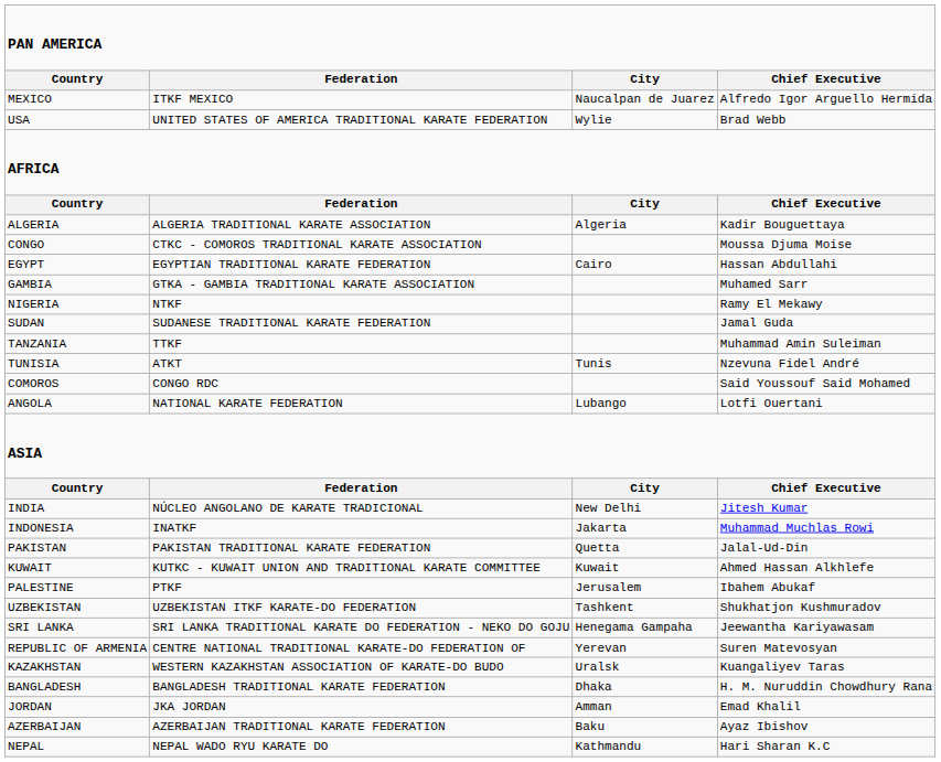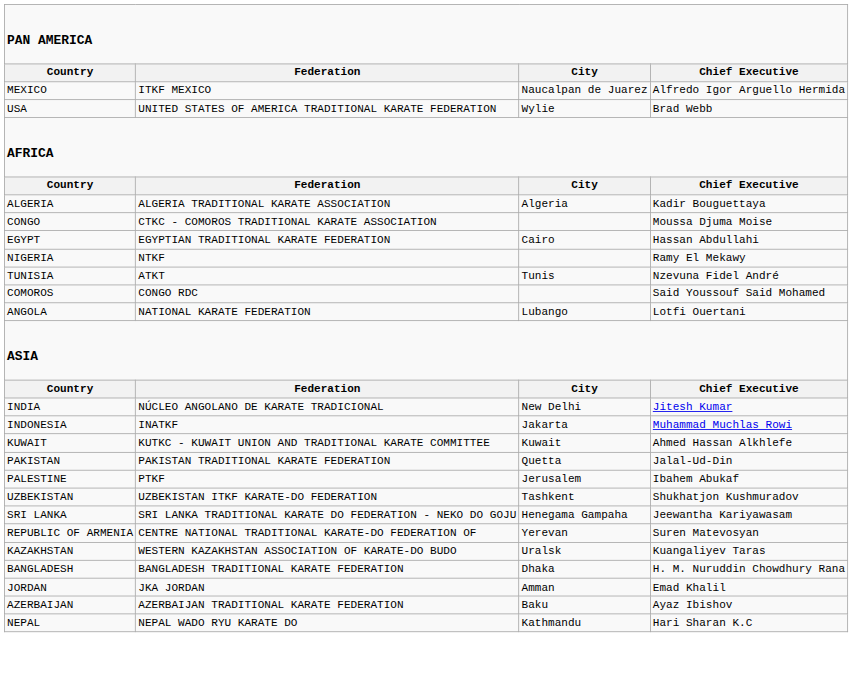 <table class="wikitable">
 <tr>
 <td colspan="4"><br><h3>PAN AMERICA</h3></td>
 </tr>
 <tr>
 <th>Country</th>
 <th>Federation</th>
 <th>City</th>
 <th>Chief Executive</th>
 </tr>
 <tr>
 <td>MEXICO</td>
 <td>ITKF MEXICO</td>
 <td>Naucalpan de Juarez</td>
 <td>Alfredo Igor Arguello Hermida</td>
 </tr>
 <tr>
 <td>USA</td>
 <td>UNITED STATES OF AMERICA TRADITIONAL KARATE FEDERATION</td>
 <td>Wylie</td>
 <td>Brad Webb</td>
 </tr>
 <tr>
 <td colspan="4"><br><h3>AFRICA</h3></td>
 </tr>
 <tr>
 <th>Country</th>
 <th>Federation</th>
 <th>City</th>
 <th>Chief Executive</th>
 </tr>
 <tr>
 <td>ALGERIA</td>
 <td>ALGERIA TRADITIONAL KARATE ASSOCIATION</td>
 <td>Algeria</td>
 <td>Kadir Bouguettaya</td>
 </tr>
 <tr>
 <td>CONGO</td>
 <td>CTKC - COMOROS TRADITIONAL KARATE ASSOCIATION</td>
 <td></td>
 <td>Moussa Djuma Moise</td>
 </tr>
 <tr>
 <td>EGYPT</td>
 <td>EGYPTIAN TRADITIONAL KARATE FEDERATION</td>
 <td>Cairo</td>
 <td>Hassan Abdullahi</td>
 </tr>
 <tr>
-<td>GAMBIA</td>
-<td>GTKA - GAMBIA TRADITIONAL KARATE ASSOCIATION</td>
-<td></td>
-<td>Muhamed Sarr</td>
-</tr>
-<tr>
 <td>NIGERIA</td>
 <td>NTKF</td>
 <td></td>
 <td>Ramy El Mekawy</td>
-</tr>
-<tr>
-<td>SUDAN</td>
-<td>SUDANESE TRADITIONAL KARATE FEDERATION</td>
-<td></td>
-<td>Jamal Guda</td>
-</tr>
-<tr>
-<td>TANZANIA</td>
-<td>TTKF</td>
-<td></td>
-<td>Muhammad Amin Suleiman</td>
 </tr>
 <tr>
 <td>TUNISIA</td>
 <td>ATKT</td>
 <td>Tunis</td>
 <td>Nzevuna Fidel André</td>
 </tr>
 <tr>
 <td>COMOROS</td>
 <td>CONGO RDC</td>
 <td></td>
 <td>Said Youssouf Said Mohamed</td>
 </tr>
 <tr>
 <td>ANGOLA</td>
 <td>NATIONAL KARATE FEDERATION</td>
 <td>Lubango</td>
 <td>Lotfi Ouertani</td>
 </tr>
 <tr>
 <td colspan="4"><br><h3>ASIA</h3></td>
 </tr>
 <tr>
 <th>Country</th>
 <th>Federation</th>
 <th>City</th>
 <th>Chief Executive</th>
 </tr>
 <tr>
 <td>INDIA</td>
 <td>NÚCLEO ANGOLANO DE KARATE TRADICIONAL</td>
 <td>New Delhi</td>
 <td><a href='#'>Jitesh Kumar</a></td>
 </tr>
 <tr>
 <td>INDONESIA</td>
 <td>INATKF</td>
 <td>Jakarta</td>
 <td><a href='#'>Muhammad Muchlas Rowi</a></td>
 </tr>
 <tr>
+<td>KUWAIT</td>
+<td>KUTKC - KUWAIT UNION AND TRADITIONAL KARATE COMMITTEE</td>
+<td>Kuwait</td>
+<td>Ahmed Hassan Alkhlefe</td>
+</tr>
+<tr>
 <td>PAKISTAN</td>
 <td>PAKISTAN TRADITIONAL KARATE FEDERATION</td>
 <td>Quetta</td>
 <td>Jalal-Ud-Din</td>
-</tr>
-<tr>
-<td>KUWAIT</td>
-<td>KUTKC - KUWAIT UNION AND TRADITIONAL KARATE COMMITTEE</td>
-<td>Kuwait</td>
-<td>Ahmed Hassan Alkhlefe</td>
 </tr>
 <tr>
 <td>PALESTINE</td>
 <td>PTKF</td>
 <td>Jerusalem</td>
 <td>Ibahem Abukaf</td>
 </tr>
 <tr>
 <td>UZBEKISTAN</td>
 <td>UZBEKISTAN ITKF KARATE-DO FEDERATION</td>
 <td>Tashkent</td>
 <td>Shukhatjon Kushmuradov</td>
 </tr>
 <tr>
 <td>SRI LANKA</td>
 <td>SRI LANKA TRADITIONAL KARATE DO FEDERATION - NEKO DO GOJU</td>
 <td>Henegama Gampaha</td>
 <td>Jeewantha Kariyawasam</td>
 </tr>
 <tr>
 <td>REPUBLIC OF ARMENIA</td>
 <td>CENTRE NATIONAL TRADITIONAL KARATE-DO FEDERATION OF</td>
 <td>Yerevan</td>
 <td>Suren Matevosyan</td>
 </tr>
 <tr>
 <td>KAZAKHSTAN</td>
 <td>WESTERN KAZAKHSTAN ASSOCIATION OF KARATE-DO BUDO</td>
 <td>Uralsk</td>
 <td>Kuangaliyev Taras</td>
 </tr>
 <tr>
 <td>BANGLADESH</td>
 <td>BANGLADESH TRADITIONAL KARATE FEDERATION</td>
 <td>Dhaka</td>
 <td>H. M. Nuruddin Chowdhury Rana</td>
 </tr>
 <tr>
 <td>JORDAN</td>
 <td>JKA JORDAN</td>
 <td>Amman</td>
 <td>Emad Khalil</td>
 </tr>
 <tr>
 <td>AZERBAIJAN</td>
 <td>AZERBAIJAN TRADITIONAL KARATE FEDERATION</td>
 <td>Baku</td>
 <td>Ayaz Ibishov</td>
 </tr>
 <tr>
 <td>NEPAL</td>
 <td>NEPAL WADO RYU KARATE DO</td>
 <td>Kathmandu</td>
 <td>Hari Sharan K.C</td>
 </tr>
 </table>
